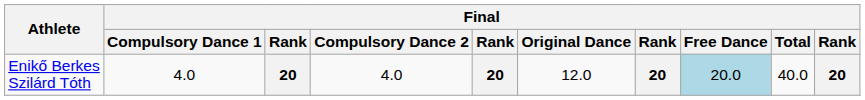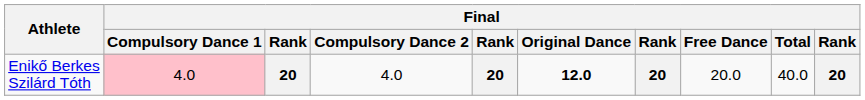 <table class="wikitable" style="font-size:90%">
 <tr>
 <th rowspan="2">Athlete</th>
 <th colspan="9">Final</th>
 </tr>
 <tr>
 <th>Compulsory Dance 1</th>
 <th>Rank</th>
 <th>Compulsory Dance 2</th>
 <th>Rank</th>
 <th>Original Dance</th>
 <th>Rank</th>
 <th>Free Dance</th>
 <th>Total</th>
 <th>Rank</th>
 </tr>
 <tr>
 <td><a href='#'>Enikő Berkes</a><br><a href='#'>Szilárd Tóth</a></td>
-<td align="center">4.0</td>
+<td align="center" style="background: pink;">4.0</td>
 <th align="center">20</th>
 <td align="center">4.0</td>
 <th align="center">20</th>
-<td align="center">12.0</td>
+<td align="center"><strong>12.0</strong></td>
 <th align="center">20</th>
-<td align="center" style="background: lightblue;">20.0</td>
+<td align="center">20.0</td>
 <td align="center">40.0</td>
 <th align="center">20</th>
 </tr>
 </table>
